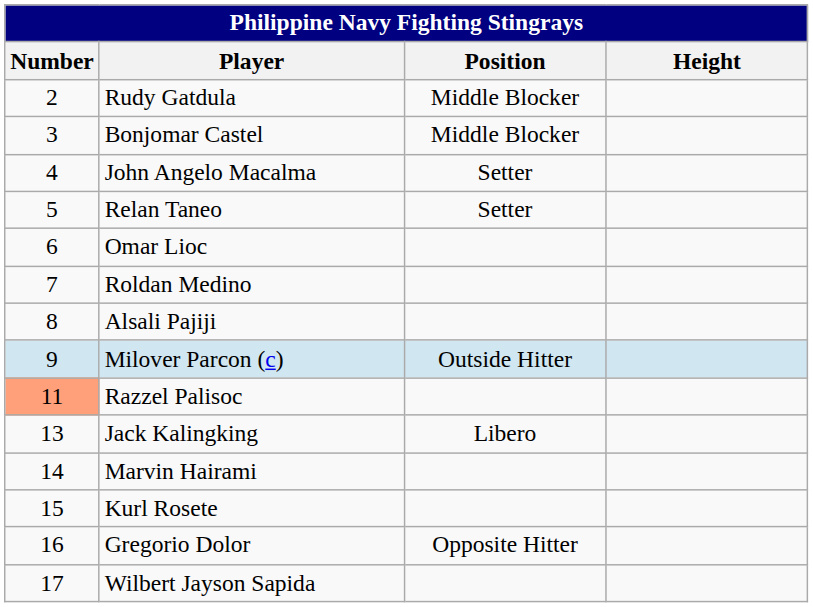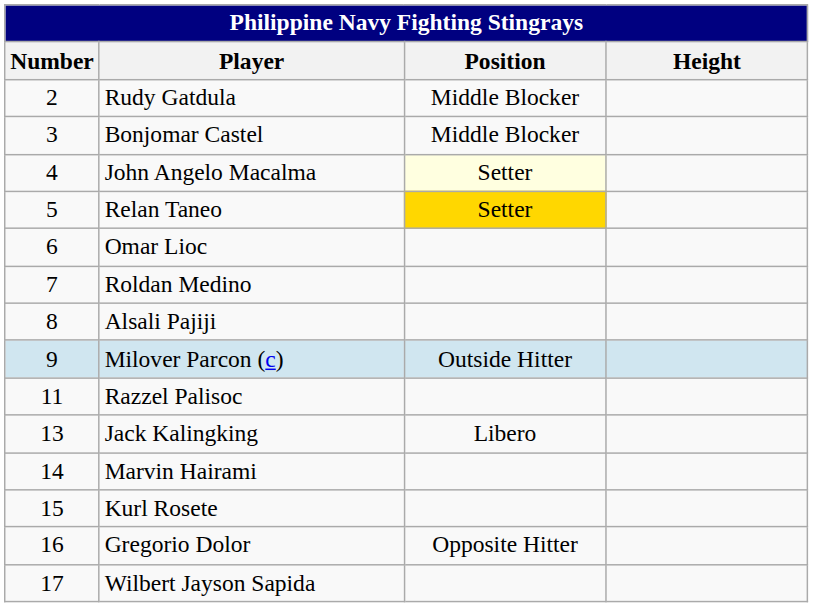 <table class="wikitable sortable" style="text-align:center;">
 <tr>
 <th colspan="5" style= "background: #000080; color: #FFFFFF; text-align: center">Philippine Navy Fighting Stingrays</th>
 </tr>
 <tr>
 <th width=3px>Number</th>
 <th width=200px>Player</th>
 <th width=130px>Position</th>
 <th width=130px>Height</th>
 </tr>
 <tr>
 <td>2</td>
 <td style="text-align: left">Rudy Gatdula</td>
 <td>Middle Blocker</td>
 <td></td>
 </tr>
 <tr>
 <td>3</td>
 <td style="text-align: left">Bonjomar Castel</td>
 <td>Middle Blocker</td>
 <td></td>
 </tr>
 <tr>
 <td>4</td>
 <td style="text-align: left">John Angelo Macalma</td>
-<td>Setter</td>
+<td style="background: lightyellow;">Setter</td>
 <td></td>
 </tr>
 <tr>
 <td>5</td>
 <td style="text-align: left">Relan Taneo</td>
-<td>Setter</td>
+<td style="background: gold;">Setter</td>
 <td></td>
 </tr>
 <tr>
 <td>6</td>
 <td style="text-align: left">Omar Lioc</td>
 <td></td>
 <td></td>
 </tr>
 <tr>
 <td>7</td>
 <td style="text-align: left">Roldan Medino</td>
 <td></td>
 <td></td>
 </tr>
 <tr>
 <td>8</td>
 <td style="text-align: left">Alsali Pajiji</td>
 <td></td>
 <td></td>
 </tr>
 <tr bgcolor=#D0E6F>
 <td>9</td>
 <td style="text-align: left">Milover Parcon (<a href='#'>c</a>)</td>
 <td>Outside Hitter</td>
 <td></td>
 </tr>
 <tr>
-<td style="background: lightsalmon;">11</td>
+<td>11</td>
 <td style="text-align: left">Razzel Palisoc</td>
 <td></td>
 <td></td>
 </tr>
 <tr>
 <td>13</td>
 <td style="text-align: left">Jack Kalingking</td>
 <td>Libero</td>
 <td></td>
 </tr>
 <tr>
 <td>14</td>
 <td style="text-align: left">Marvin Hairami</td>
 <td></td>
 <td></td>
 </tr>
 <tr>
 <td>15</td>
 <td style="text-align: left">Kurl Rosete</td>
 <td></td>
 <td></td>
 </tr>
 <tr>
 <td>16</td>
 <td style="text-align: left">Gregorio Dolor</td>
 <td>Opposite Hitter</td>
 <td></td>
 </tr>
 <tr>
 <td>17</td>
 <td style="text-align: left">Wilbert Jayson Sapida</td>
 <td></td>
 <td></td>
 </tr>
 </table>
